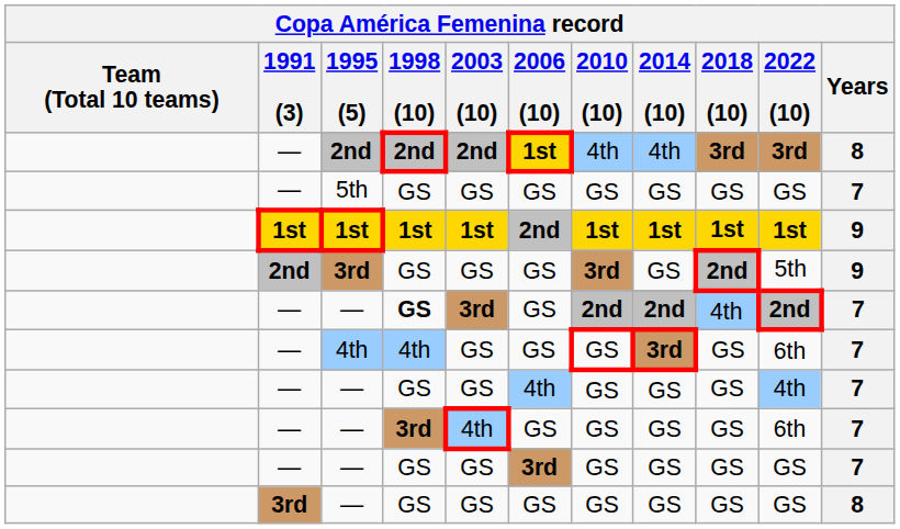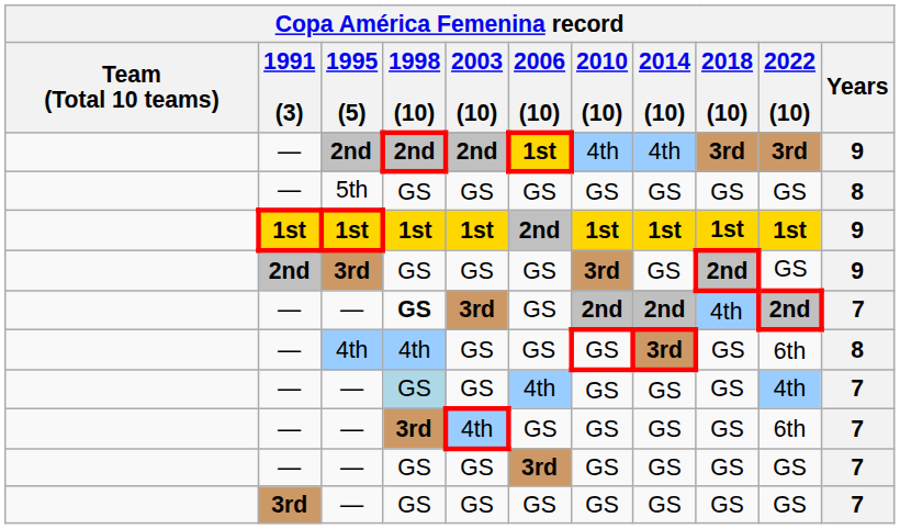 <table class="wikitable" style="text-align:center; font-size:90%">
 <tr>
 <th colspan=11><a href='#'>Copa América Femenina</a> record</th>
 </tr>
 <tr>
 <th width=150>Team<br>(Total 10 teams)</th>
 <th><a href='#'>1991</a><br><br>(3)</th>
 <th><a href='#'>1995</a><br><br>(5)</th>
 <th><a href='#'>1998</a><br><br>(10)</th>
 <th><a href='#'>2003</a><br><br>(10)</th>
 <th><a href='#'>2006</a><br><br>(10)</th>
 <th><a href='#'>2010</a><br><br>(10)</th>
 <th><a href='#'>2014</a><br><br>(10)</th>
 <th><a href='#'>2018</a><br><br>(10)</th>
 <th><a href='#'>2022</a><br><br>(10)</th>
 <th>Years</th>
 </tr>
 <tr>
 <td align=left></td>
 <td>—</td>
 <td bgcolor=Silver><strong>2nd</strong></td>
 <td style="border: 3px solid red" bgcolor=Silver><strong>2nd</strong></td>
 <td bgcolor=Silver><strong>2nd</strong></td>
 <td style="border: 3px solid red" bgcolor=Gold><strong>1st</strong></td>
 <td bgcolor=#9acdff>4th</td>
 <td bgcolor=#9acdff>4th</td>
 <td bgcolor=#cc9966><strong>3rd</strong></td>
 <td bgcolor=#cc9966><strong>3rd</strong></td>
-<th><strong>8</strong></th>
+<th><strong>9</strong></th>
 </tr>
 <tr>
 <td align=left></td>
 <td>—</td>
 <td>5th</td>
 <td>GS</td>
 <td>GS</td>
 <td>GS</td>
 <td>GS</td>
 <td>GS</td>
 <td>GS</td>
 <td>GS</td>
-<th><strong>7</strong></th>
+<th><strong>8</strong></th>
 </tr>
 <tr>
 <td align=left></td>
 <td style="border: 3px solid red" bgcolor=Gold><strong>1st</strong></td>
 <td style="border: 3px solid red" bgcolor=Gold><strong>1st</strong></td>
 <td bgcolor=Gold><strong>1st</strong></td>
 <td bgcolor=Gold><strong>1st</strong></td>
 <td bgcolor=Silver><strong>2nd</strong></td>
 <td bgcolor=Gold><strong>1st</strong></td>
 <td bgcolor=Gold><strong>1st</strong></td>
 <td bgcolor=Gold><strong>1st</strong></td>
 <td bgcolor=Gold><strong>1st</strong></td>
 <th><strong>9</strong></th>
 </tr>
 <tr>
 <td align=left></td>
 <td bgcolor=Silver><strong>2nd</strong></td>
 <td bgcolor=#cc9966><strong>3rd</strong></td>
 <td>GS</td>
 <td>GS</td>
 <td>GS</td>
 <td bgcolor=#cc9966><strong>3rd</strong></td>
 <td>GS</td>
 <td style="border: 3px solid red" bgcolor=Silver><strong>2nd</strong></td>
-<td>5th</td>
+<td>GS</td>
 <th><strong>9</strong></th>
 </tr>
 <tr>
 <td align=left></td>
 <td>—</td>
 <td>—</td>
 <td><strong>GS</strong></td>
 <td bgcolor=#cc9966><strong>3rd</strong></td>
 <td>GS</td>
 <td bgcolor=Silver><strong>2nd</strong></td>
 <td bgcolor=Silver><strong>2nd</strong></td>
 <td bgcolor=#9acdff>4th</td>
 <td style="border: 3px solid red" bgcolor=Silver><strong>2nd</strong></td>
 <th><strong>7</strong></th>
 </tr>
 <tr>
 <td align=left></td>
 <td>—</td>
 <td bgcolor=#9acdff>4th</td>
 <td bgcolor=#9acdff>4th</td>
 <td>GS</td>
 <td>GS</td>
 <td style="border: 3px solid red">GS</td>
 <td style="border: 3px solid red" bgcolor=cc9966><strong>3rd</strong></td>
 <td>GS</td>
 <td>6th</td>
-<th><strong>7</strong></th>
+<th><strong>8</strong></th>
 </tr>
 <tr>
 <td align=left></td>
 <td>—</td>
 <td>—</td>
-<td>GS</td>
+<td style="background: lightblue;">GS</td>
 <td>GS</td>
 <td bgcolor=#9acdff>4th</td>
 <td>GS</td>
 <td>GS</td>
 <td>GS</td>
 <td bgcolor=#9acdff>4th</td>
 <th><strong>7</strong></th>
 </tr>
 <tr>
 <td align=left></td>
 <td>—</td>
 <td>—</td>
 <td bgcolor=#cc9966><strong>3rd</strong></td>
 <td bgcolor=#9acdff style="border:3px solid red">4th</td>
 <td>GS</td>
 <td>GS</td>
 <td>GS</td>
 <td>GS</td>
 <td>6th</td>
 <th><strong>7</strong></th>
 </tr>
 <tr>
 <td align=left></td>
 <td>—</td>
 <td>—</td>
 <td>GS</td>
 <td>GS</td>
 <td bgcolor=#cc9966><strong>3rd</strong></td>
 <td>GS</td>
 <td>GS</td>
 <td>GS</td>
 <td>GS</td>
 <th><strong>7</strong></th>
 </tr>
 <tr>
 <td align=left></td>
 <td bgcolor=#cc9966><strong>3rd</strong></td>
 <td>—</td>
 <td>GS</td>
 <td>GS</td>
 <td>GS</td>
 <td>GS</td>
 <td>GS</td>
 <td>GS</td>
 <td>GS</td>
-<th><strong>8</strong></th>
+<th><strong>7</strong></th>
 </tr>
 </table>
